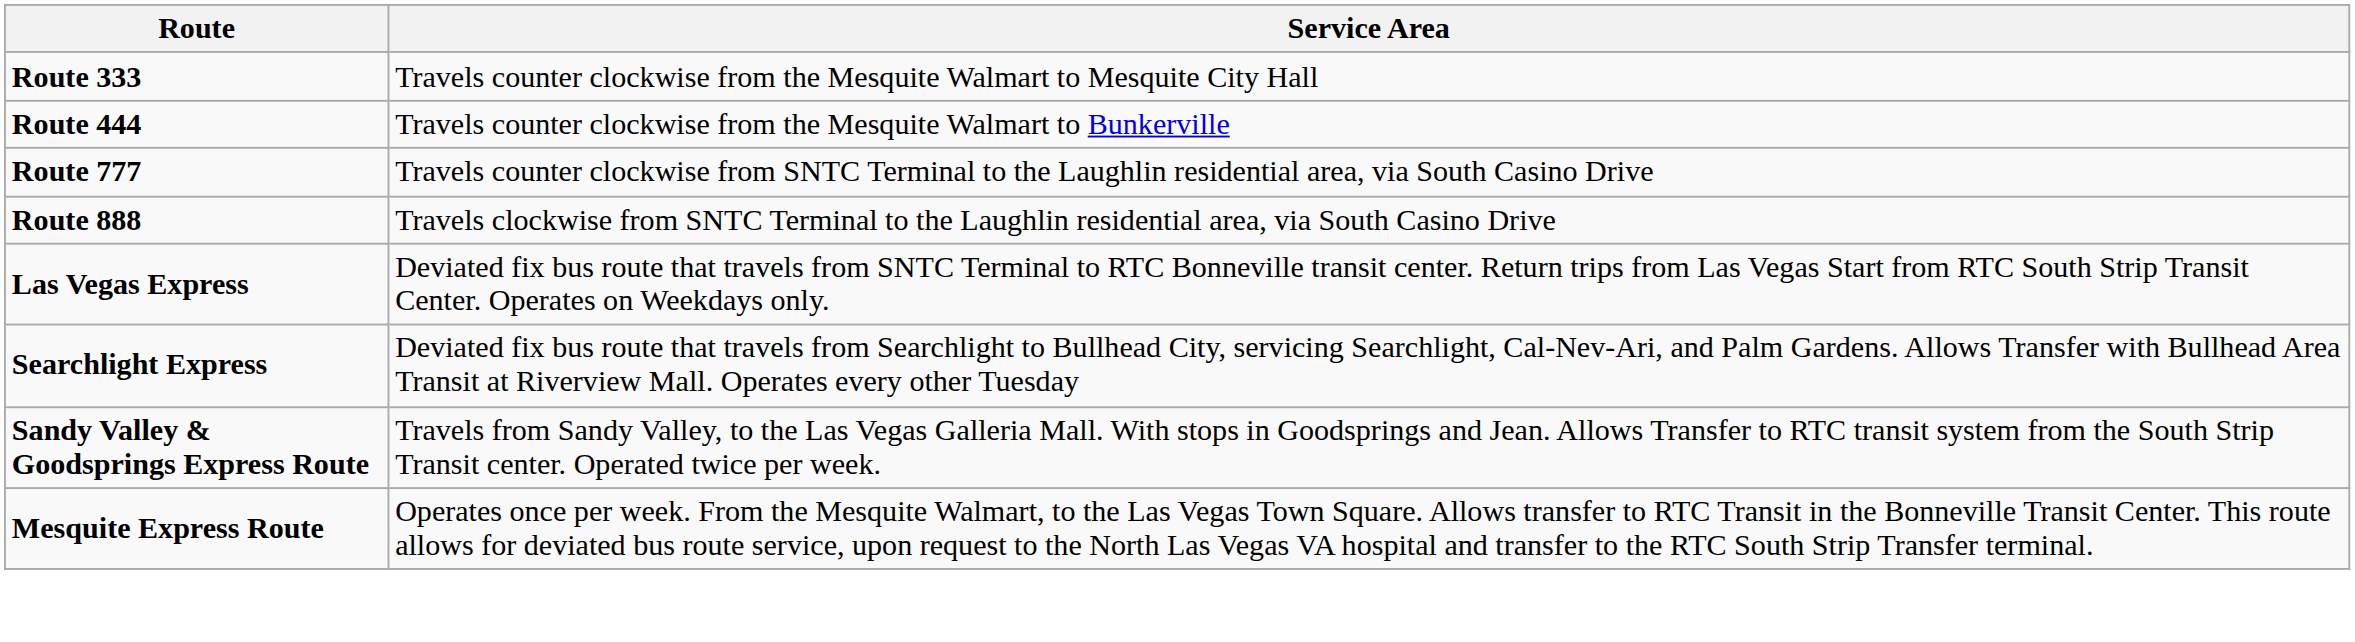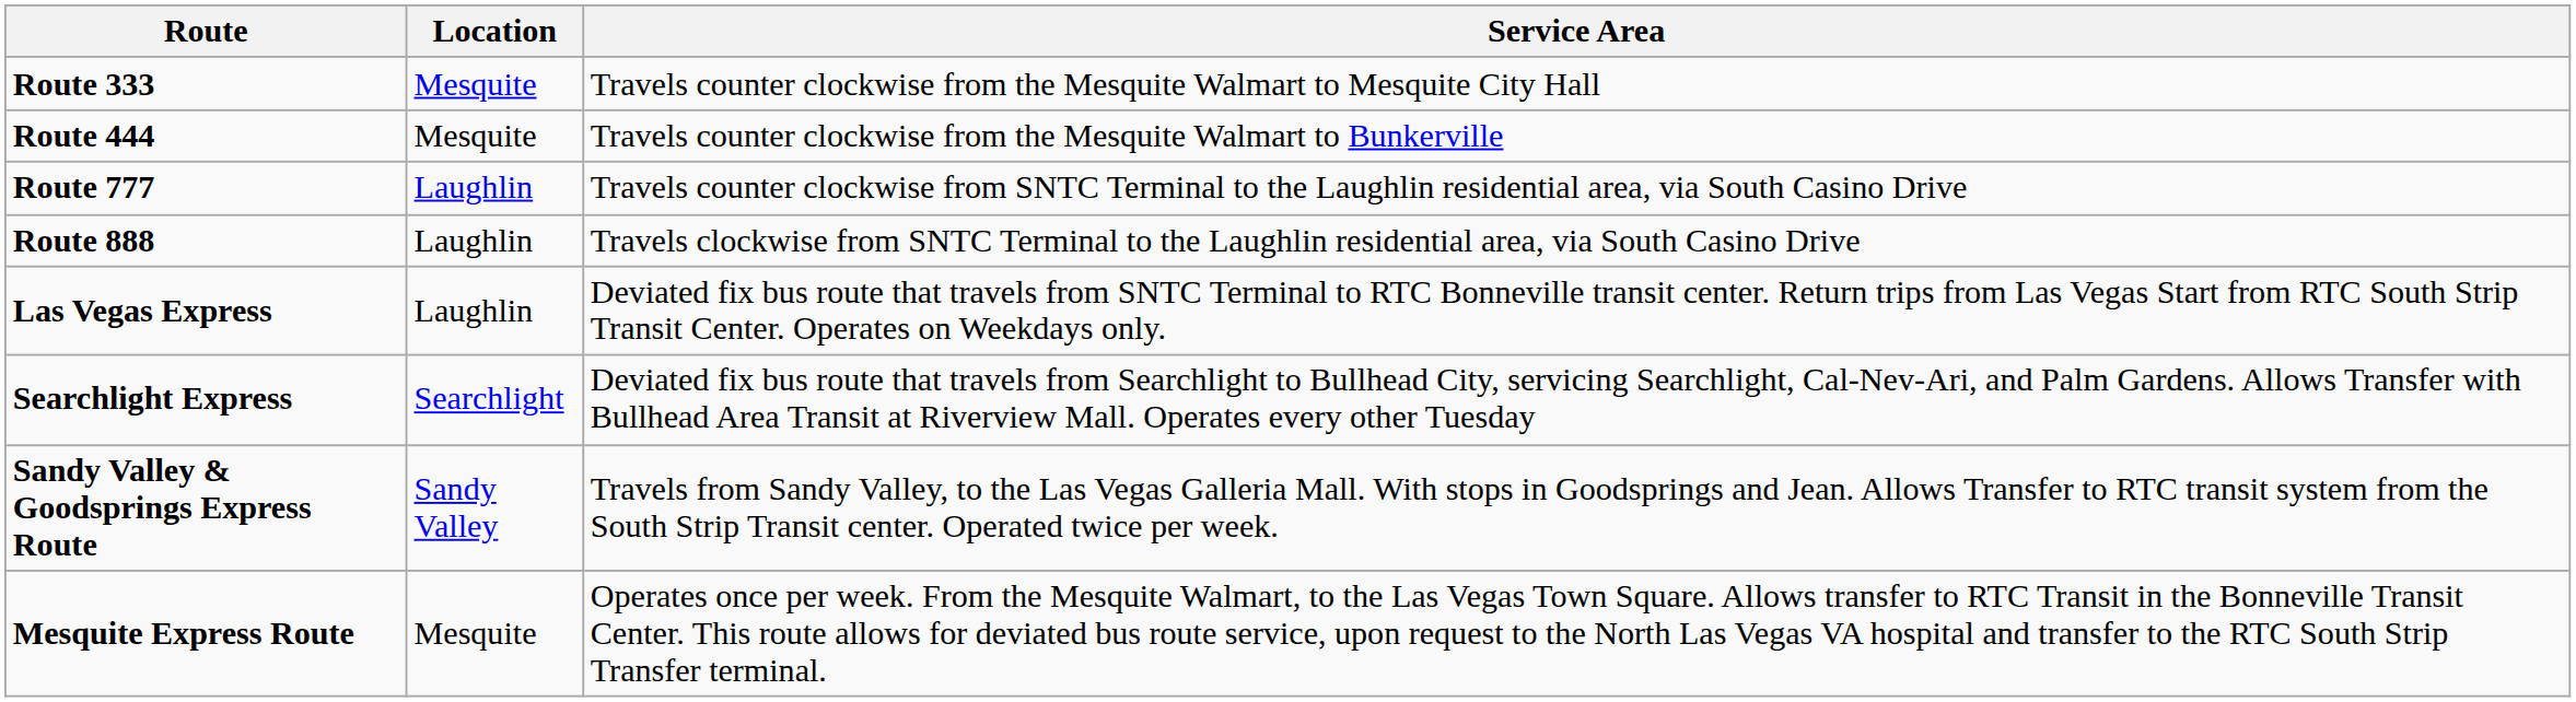 <table class="wikitable">
 <tr>
 <th>Route</th>
+<th>Location</th>
 <th>Service Area</th>
 </tr>
 <tr>
 <td><strong>Route 333</strong></td>
+<td><a href='#'>Mesquite</a></td>
 <td>Travels counter clockwise from the Mesquite Walmart to Mesquite City Hall</td>
 </tr>
 <tr>
 <td><strong>Route 444</strong></td>
+<td>Mesquite</td>
 <td>Travels counter clockwise from the Mesquite Walmart to <a href='#'>Bunkerville</a></td>
 </tr>
 <tr>
 <td><strong>Route 777</strong></td>
+<td><a href='#'>Laughlin</a></td>
 <td>Travels counter clockwise from SNTC Terminal to the Laughlin residential area, via South Casino Drive</td>
 </tr>
 <tr>
 <td><strong>Route 888</strong></td>
+<td>Laughlin</td>
 <td>Travels clockwise from SNTC Terminal to the Laughlin residential area, via South Casino Drive</td>
 </tr>
 <tr>
 <td><strong>Las Vegas Express</strong></td>
+<td>Laughlin</td>
 <td>Deviated fix bus route that travels from SNTC Terminal to RTC Bonneville transit center. Return trips from Las Vegas Start from RTC South Strip Transit Center. Operates on Weekdays only.</td>
 </tr>
 <tr>
 <td><strong>Searchlight Express</strong></td>
+<td><a href='#'>Searchlight</a></td>
 <td>Deviated fix bus route that travels from Searchlight to Bullhead City, servicing Searchlight, Cal-Nev-Ari, and Palm Gardens. Allows Transfer with Bullhead Area Transit at Riverview Mall. Operates every other Tuesday</td>
 </tr>
 <tr>
 <td><strong>Sandy Valley & Goodsprings Express Route</strong></td>
+<td><a href='#'>Sandy Valley</a></td>
 <td>Travels from Sandy Valley, to the Las Vegas Galleria Mall. With stops in Goodsprings and Jean. Allows Transfer to RTC transit system from the South Strip Transit center. Operated twice per week.</td>
 </tr>
 <tr>
 <td><strong>Mesquite Express Route</strong></td>
+<td>Mesquite</td>
 <td>Operates once per week. From the Mesquite Walmart, to the Las Vegas Town Square. Allows transfer to RTC Transit in the Bonneville Transit Center. This route allows for deviated bus route service, upon request to the North Las Vegas VA hospital and transfer to the RTC South Strip Transfer terminal.</td>
 </tr>
 </table>
